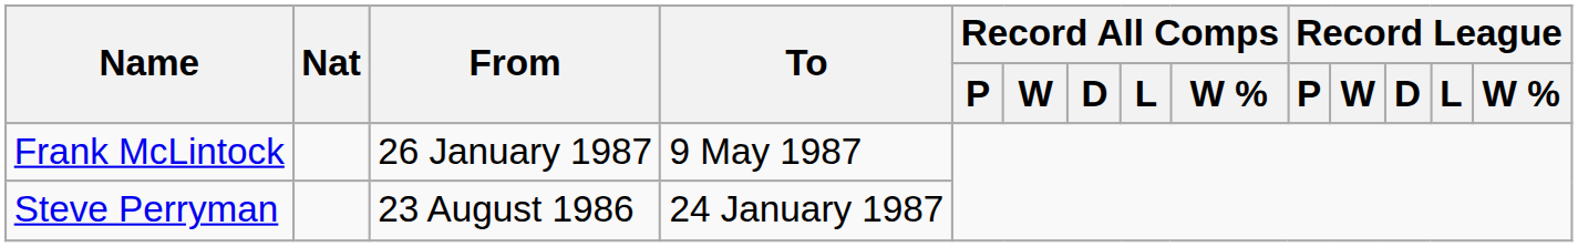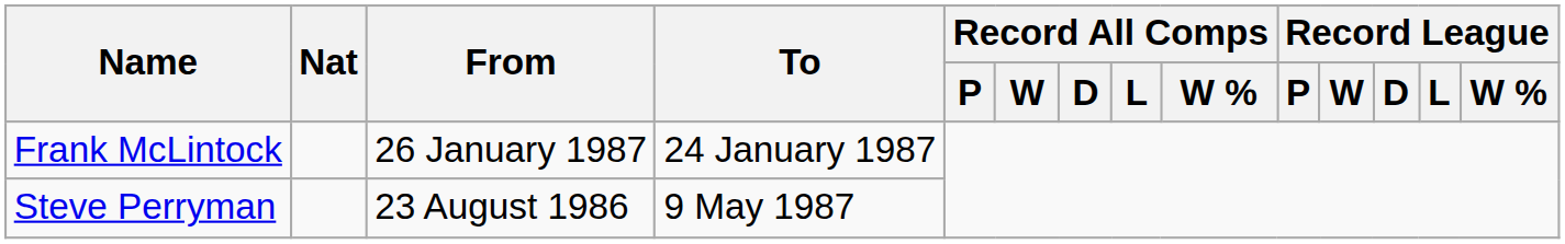 <table style="text-align: center" class="wikitable">
 <tr>
 <th rowspan="2">Name</th>
 <th rowspan="2">Nat</th>
 <th rowspan="2">From</th>
 <th rowspan="2">To</th>
 <th colspan="5">Record All Comps</th>
 <th colspan="5">Record League</th>
 </tr>
 <tr>
 <th>P</th>
 <th>W</th>
 <th>D</th>
 <th>L</th>
 <th>W %</th>
 <th>P</th>
 <th>W</th>
 <th>D</th>
 <th>L</th>
 <th>W %</th>
 </tr>
 <tr>
 <td style="text-align:left;"><a href='#'>Frank McLintock</a></td>
 <td></td>
 <td style="text-align:left;">26 January 1987</td>
-<td style="text-align:left;">9 May 1987<br> </td>
+<td style="text-align:left;">24 January 1987<br> </td>
 </tr>
 <tr>
 <td style="text-align:left;"><a href='#'>Steve Perryman</a></td>
 <td></td>
 <td style="text-align:left;">23 August 1986</td>
-<td style="text-align:left;">24 January 1987<br> </td>
+<td style="text-align:left;">9 May 1987<br> </td>
 </tr>
 </table>
